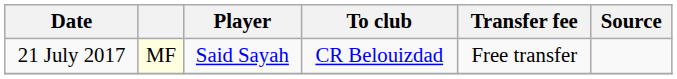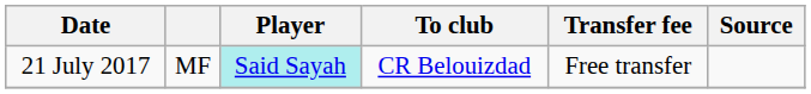 <table class="wikitable sortable" style="width:70%; text-align:center; font-size:85%; text-align:centre;">
 <tr>
 <th>Date</th>
 <th></th>
 <th>Player</th>
 <th>To club</th>
 <th>Transfer fee</th>
 <th>Source</th>
 </tr>
 <tr>
 <td>21 July 2017</td>
-<td style="background: lightyellow;">MF</td>
-<td> <a href='#'>Said Sayah</a></td>
+<td>MF</td>
+<td style="background: paleturquoise;"> <a href='#'>Said Sayah</a></td>
 <td> <a href='#'>CR Belouizdad</a></td>
 <td>Free transfer</td>
 <td></td>
 </tr>
 <tr>
 </tr>
 </table>
